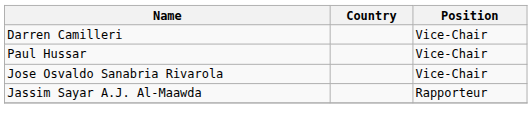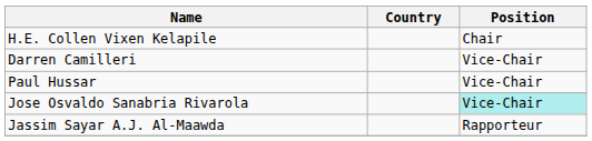 <table class="wikitable" style="display: inline-table; width: 45%">
 <tr>
 <th>Name</th>
 <th>Country</th>
 <th>Position</th>
+</tr>
+<tr>
+<td>H.E. Collen Vixen Kelapile</td>
+<td></td>
+<td>Chair</td>
 </tr>
 <tr>
 <td>Darren Camilleri</td>
 <td></td>
 <td>Vice-Chair</td>
 </tr>
 <tr>
 <td>Paul Hussar</td>
 <td></td>
 <td>Vice-Chair</td>
 </tr>
 <tr>
 <td>Jose Osvaldo Sanabria Rivarola</td>
 <td></td>
-<td>Vice-Chair</td>
+<td style="background: paleturquoise;">Vice-Chair</td>
 </tr>
 <tr>
 <td>Jassim Sayar A.J. Al-Maawda</td>
 <td></td>
 <td>Rapporteur</td>
 </tr>
 <tr>
 </tr>
 </table>
